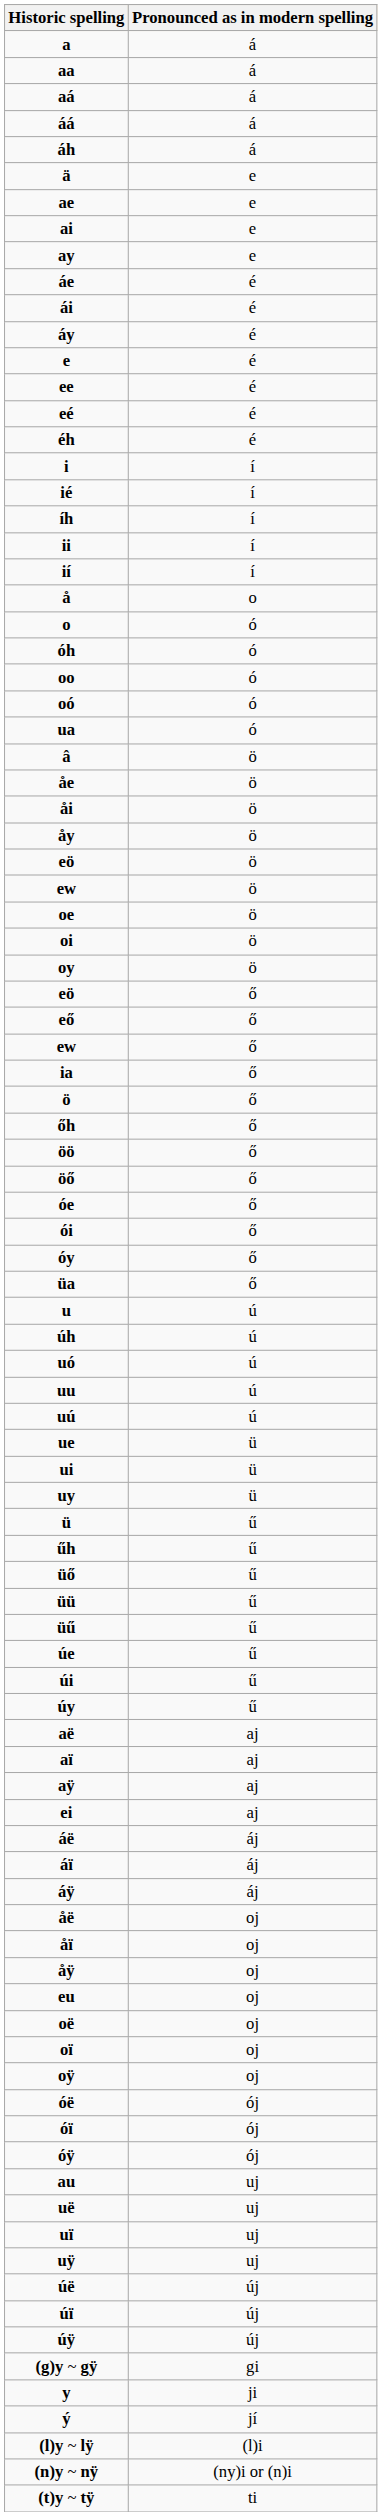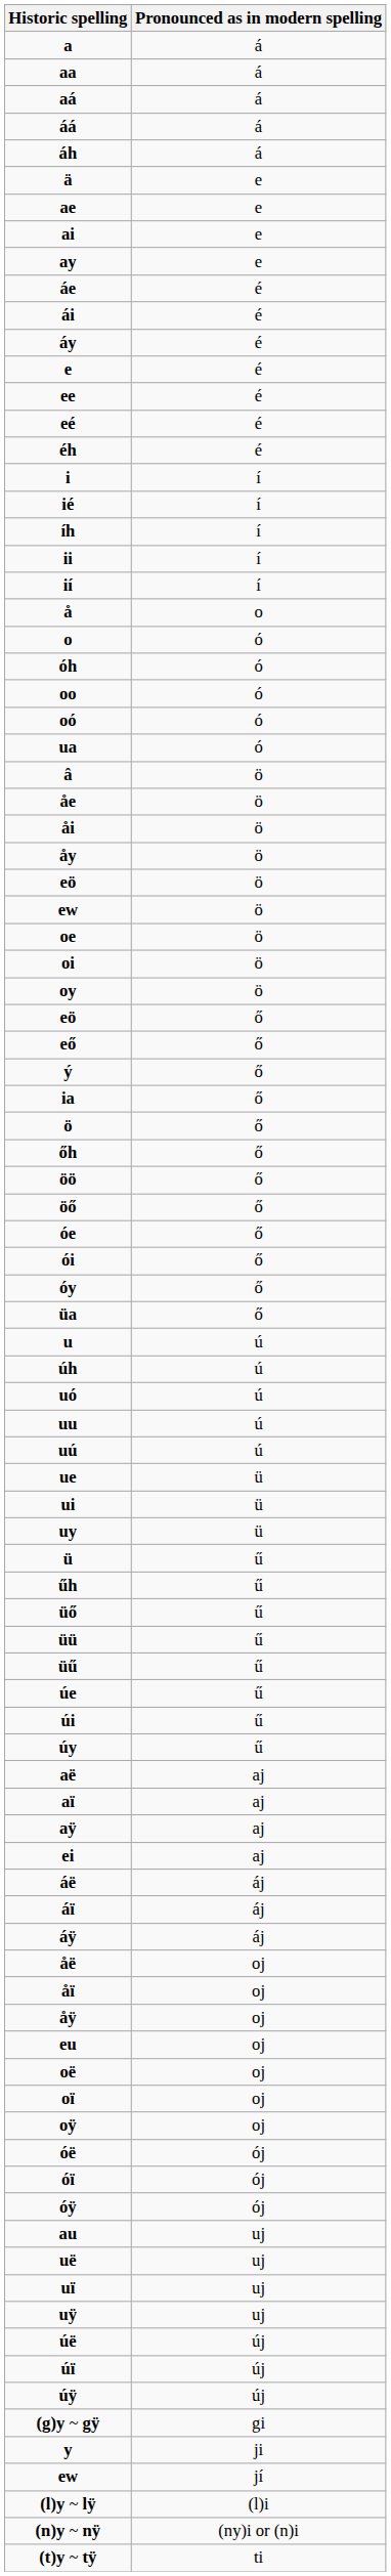 <table class="wikitable">
 <tr bgcolor="#FFDEAD">
 <th>Historic spelling</th>
 <th>Pronounced as in modern spelling</th>
 </tr>
 <tr>
 <td valign="middle" align="center"><strong>a</strong></td>
 <td valign="middle" align="center">á</td>
 </tr>
 <tr>
 <td valign="middle" align="center"><strong>aa</strong></td>
 <td valign="middle" align="center">á</td>
 </tr>
 <tr>
 <td valign="middle" align="center"><strong>aá</strong></td>
 <td valign="middle" align="center">á</td>
 </tr>
 <tr>
 <td valign="middle" align="center"><strong>áá</strong></td>
 <td valign="middle" align="center">á</td>
 </tr>
 <tr>
 <td valign="middle" align="center"><strong>áh</strong></td>
 <td valign="middle" align="center">á</td>
 </tr>
 <tr>
 <td valign="middle" align="center"><strong>ä</strong></td>
 <td valign="middle" align="center">e</td>
 </tr>
 <tr>
 <td valign="middle" align="center"><strong>ae</strong></td>
 <td valign="middle" align="center">e</td>
 </tr>
 <tr>
 <td valign="middle" align="center"><strong>ai</strong></td>
 <td valign="middle" align="center">e</td>
 </tr>
 <tr>
 <td valign="middle" align="center"><strong>ay</strong></td>
 <td valign="middle" align="center">e</td>
 </tr>
 <tr>
 <td valign="middle" align="center"><strong>áe</strong></td>
 <td valign="middle" align="center">é</td>
 </tr>
 <tr>
 <td valign="middle" align="center"><strong>ái</strong></td>
 <td valign="middle" align="center">é</td>
 </tr>
 <tr>
 <td valign="middle" align="center"><strong>áy</strong></td>
 <td valign="middle" align="center">é</td>
 </tr>
 <tr>
 <td valign="middle" align="center"><strong>e</strong></td>
 <td valign="middle" align="center">é</td>
 </tr>
 <tr>
 <td valign="middle" align="center"><strong>ee</strong></td>
 <td valign="middle" align="center">é</td>
 </tr>
 <tr>
 <td valign="middle" align="center"><strong>eé</strong></td>
 <td valign="middle" align="center">é</td>
 </tr>
 <tr>
 <td valign="middle" align="center"><strong>éh</strong></td>
 <td valign="middle" align="center">é</td>
 </tr>
 <tr>
 <td valign="middle" align="center"><strong>i</strong></td>
 <td valign="middle" align="center">í</td>
 </tr>
 <tr>
 <td valign="middle" align="center"><strong>ié</strong></td>
 <td valign="middle" align="center">í</td>
 </tr>
 <tr>
 <td valign="middle" align="center"><strong>íh</strong></td>
 <td valign="middle" align="center">í</td>
 </tr>
 <tr>
 <td valign="middle" align="center"><strong>ii</strong></td>
 <td valign="middle" align="center">í</td>
 </tr>
 <tr>
 <td valign="middle" align="center"><strong>ií</strong></td>
 <td valign="middle" align="center">í</td>
 </tr>
 <tr>
 <td valign="middle" align="center"><strong>å</strong></td>
 <td valign="middle" align="center">o</td>
 </tr>
 <tr>
 <td valign="middle" align="center"><strong>o</strong></td>
 <td valign="middle" align="center">ó</td>
 </tr>
 <tr>
 <td valign="middle" align="center"><strong>óh</strong></td>
 <td valign="middle" align="center">ó</td>
 </tr>
 <tr>
 <td valign="middle" align="center"><strong>oo</strong></td>
 <td valign="middle" align="center">ó</td>
 </tr>
 <tr>
 <td valign="middle" align="center"><strong>oó</strong></td>
 <td valign="middle" align="center">ó</td>
 </tr>
 <tr>
 <td valign="middle" align="center"><strong>ua</strong></td>
 <td valign="middle" align="center">ó</td>
 </tr>
 <tr>
 <td valign="middle" align="center"><strong>â</strong></td>
 <td valign="middle" align="center">ö</td>
 </tr>
 <tr>
 <td valign="middle" align="center"><strong>åe</strong></td>
 <td valign="middle" align="center">ö</td>
 </tr>
 <tr>
 <td valign="middle" align="center"><strong>åi</strong></td>
 <td valign="middle" align="center">ö</td>
 </tr>
 <tr>
 <td valign="middle" align="center"><strong>åy</strong></td>
 <td valign="middle" align="center">ö</td>
 </tr>
 <tr>
 <td valign="middle" align="center"><strong>eö</strong></td>
 <td valign="middle" align="center">ö</td>
 </tr>
 <tr>
 <td valign="middle" align="center"><strong>ew</strong></td>
 <td valign="middle" align="center">ö</td>
 </tr>
 <tr>
 <td valign="middle" align="center"><strong>oe</strong></td>
 <td valign="middle" align="center">ö</td>
 </tr>
 <tr>
 <td valign="middle" align="center"><strong>oi</strong></td>
 <td valign="middle" align="center">ö</td>
 </tr>
 <tr>
 <td valign="middle" align="center"><strong>oy</strong></td>
 <td valign="middle" align="center">ö</td>
 </tr>
 <tr>
 <td valign="middle" align="center"><strong>eö</strong></td>
 <td valign="middle" align="center">ő</td>
 </tr>
 <tr>
 <td valign="middle" align="center"><strong>eő</strong></td>
 <td valign="middle" align="center">ő</td>
 </tr>
 <tr>
-<td valign="middle" align="center"><strong>ew</strong></td>
+<td valign="middle" align="center"><strong>ý</strong></td>
 <td valign="middle" align="center">ő</td>
 </tr>
 <tr>
 <td valign="middle" align="center"><strong>ia</strong></td>
 <td valign="middle" align="center">ő</td>
 </tr>
 <tr>
 <td valign="middle" align="center"><strong>ö</strong></td>
 <td valign="middle" align="center">ő</td>
 </tr>
 <tr>
 <td valign="middle" align="center"><strong>őh</strong></td>
 <td valign="middle" align="center">ő</td>
 </tr>
 <tr>
 <td valign="middle" align="center"><strong>öö</strong></td>
 <td valign="middle" align="center">ő</td>
 </tr>
 <tr>
 <td valign="middle" align="center"><strong>öő</strong></td>
 <td valign="middle" align="center">ő</td>
 </tr>
 <tr>
 <td valign="middle" align="center"><strong>óe</strong></td>
 <td valign="middle" align="center">ő</td>
 </tr>
 <tr>
 <td valign="middle" align="center"><strong>ói</strong></td>
 <td valign="middle" align="center">ő</td>
 </tr>
 <tr>
 <td valign="middle" align="center"><strong>óy</strong></td>
 <td valign="middle" align="center">ő</td>
 </tr>
 <tr>
 <td valign="middle" align="center"><strong>üa</strong></td>
 <td valign="middle" align="center">ő</td>
 </tr>
 <tr>
 <td valign="middle" align="center"><strong>u</strong></td>
 <td valign="middle" align="center">ú</td>
 </tr>
 <tr>
 <td valign="middle" align="center"><strong>úh</strong></td>
 <td valign="middle" align="center">ú</td>
 </tr>
 <tr>
 <td valign="middle" align="center"><strong>uó</strong></td>
 <td valign="middle" align="center">ú</td>
 </tr>
 <tr>
 <td valign="middle" align="center"><strong>uu</strong></td>
 <td valign="middle" align="center">ú</td>
 </tr>
 <tr>
 <td valign="middle" align="center"><strong>uú</strong></td>
 <td valign="middle" align="center">ú</td>
 </tr>
 <tr>
 <td valign="middle" align="center"><strong>ue</strong></td>
 <td valign="middle" align="center">ü</td>
 </tr>
 <tr>
 <td valign="middle" align="center"><strong>ui</strong></td>
 <td valign="middle" align="center">ü</td>
 </tr>
 <tr>
 <td valign="middle" align="center"><strong>uy</strong></td>
 <td valign="middle" align="center">ü</td>
 </tr>
 <tr>
 <td valign="middle" align="center"><strong>ü</strong></td>
 <td valign="middle" align="center">ű</td>
 </tr>
 <tr>
 <td valign="middle" align="center"><strong>űh</strong></td>
 <td valign="middle" align="center">ű</td>
 </tr>
 <tr>
 <td valign="middle" align="center"><strong>üő</strong></td>
 <td valign="middle" align="center">ű</td>
 </tr>
 <tr>
 <td valign="middle" align="center"><strong>üü</strong></td>
 <td valign="middle" align="center">ű</td>
 </tr>
 <tr>
 <td valign="middle" align="center"><strong>üű</strong></td>
 <td valign="middle" align="center">ű</td>
 </tr>
 <tr>
 <td valign="middle" align="center"><strong>úe</strong></td>
 <td valign="middle" align="center">ű</td>
 </tr>
 <tr>
 <td valign="middle" align="center"><strong>úi</strong></td>
 <td valign="middle" align="center">ű</td>
 </tr>
 <tr>
 <td valign="middle" align="center"><strong>úy</strong></td>
 <td valign="middle" align="center">ű</td>
 </tr>
 <tr>
 <td valign="middle" align="center"><strong>aë</strong></td>
 <td valign="middle" align="center">aj</td>
 </tr>
 <tr>
 <td valign="middle" align="center"><strong>aï</strong></td>
 <td valign="middle" align="center">aj</td>
 </tr>
 <tr>
 <td valign="middle" align="center"><strong>aÿ</strong></td>
 <td valign="middle" align="center">aj</td>
 </tr>
 <tr>
 <td valign="middle" align="center"><strong>ei</strong></td>
 <td valign="middle" align="center">aj</td>
 </tr>
 <tr>
 <td valign="middle" align="center"><strong>áë</strong></td>
 <td valign="middle" align="center">áj</td>
 </tr>
 <tr>
 <td valign="middle" align="center"><strong>áï</strong></td>
 <td valign="middle" align="center">áj</td>
 </tr>
 <tr>
 <td valign="middle" align="center"><strong>áÿ</strong></td>
 <td valign="middle" align="center">áj</td>
 </tr>
 <tr>
 <td valign="middle" align="center"><strong>åë</strong></td>
 <td valign="middle" align="center">oj</td>
 </tr>
 <tr>
 <td valign="middle" align="center"><strong>åï</strong></td>
 <td valign="middle" align="center">oj</td>
 </tr>
 <tr>
 <td valign="middle" align="center"><strong>åÿ</strong></td>
 <td valign="middle" align="center">oj</td>
 </tr>
 <tr>
 <td valign="middle" align="center"><strong>eu</strong></td>
 <td valign="middle" align="center">oj</td>
 </tr>
 <tr>
 <td valign="middle" align="center"><strong>oë</strong></td>
 <td valign="middle" align="center">oj</td>
 </tr>
 <tr>
 <td valign="middle" align="center"><strong>oï</strong></td>
 <td valign="middle" align="center">oj</td>
 </tr>
 <tr>
 <td valign="middle" align="center"><strong>oÿ</strong></td>
 <td valign="middle" align="center">oj</td>
 </tr>
 <tr>
 <td valign="middle" align="center"><strong>óë</strong></td>
 <td valign="middle" align="center">ój</td>
 </tr>
 <tr>
 <td valign="middle" align="center"><strong>óï</strong></td>
 <td valign="middle" align="center">ój</td>
 </tr>
 <tr>
 <td valign="middle" align="center"><strong>óÿ</strong></td>
 <td valign="middle" align="center">ój</td>
 </tr>
 <tr>
 <td valign="middle" align="center"><strong>au</strong></td>
 <td valign="middle" align="center">uj</td>
 </tr>
 <tr>
 <td valign="middle" align="center"><strong>uë</strong></td>
 <td valign="middle" align="center">uj</td>
 </tr>
 <tr>
 <td valign="middle" align="center"><strong>uï</strong></td>
 <td valign="middle" align="center">uj</td>
 </tr>
 <tr>
 <td valign="middle" align="center"><strong>uÿ</strong></td>
 <td valign="middle" align="center">uj</td>
 </tr>
 <tr>
 <td valign="middle" align="center"><strong>úë</strong></td>
 <td valign="middle" align="center">új</td>
 </tr>
 <tr>
 <td valign="middle" align="center"><strong>úï</strong></td>
 <td valign="middle" align="center">új</td>
 </tr>
 <tr>
 <td valign="middle" align="center"><strong>úÿ</strong></td>
 <td valign="middle" align="center">új</td>
 </tr>
 <tr>
 <td valign="middle" align="center"><strong>(g)y</strong> ~ <strong>gÿ</strong></td>
 <td valign="middle" align="center">gi</td>
 </tr>
 <tr>
 <td valign="middle" align="center"><strong>y</strong></td>
 <td valign="middle" align="center">ji</td>
 </tr>
 <tr>
-<td valign="middle" align="center"><strong>ý</strong></td>
+<td valign="middle" align="center"><strong>ew</strong></td>
 <td valign="middle" align="center">jí</td>
 </tr>
 <tr>
 <td valign="middle" align="center"><strong>(l)y</strong> ~ <strong>lÿ</strong></td>
 <td valign="middle" align="center">(l)i</td>
 </tr>
 <tr>
 <td valign="middle" align="center"><strong>(n)y</strong> ~ <strong>nÿ</strong></td>
 <td valign="middle" align="center">(ny)i or (n)i</td>
 </tr>
 <tr>
 <td valign="middle" align="center"><strong>(t)y</strong> ~ <strong>tÿ</strong></td>
 <td valign="middle" align="center">ti</td>
 </tr>
 </table>
